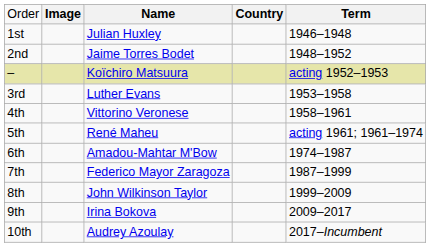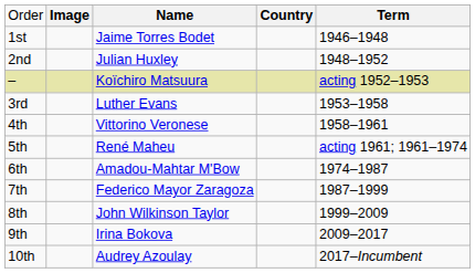 <table class="wikitable">
 <tr>
 <td scope="col">Order</td>
 <th scope="col">Image</th>
 <th scope="col">Name</th>
 <th scope="col">Country</th>
 <th scope="col">Term</th>
 </tr>
 <tr>
 <td>1st</td>
 <td></td>
-<td scope="row"><a href='#'>Julian Huxley</a></td>
+<td scope="row"><a href='#'>Jaime Torres Bodet</a></td>
 <td></td>
 <td>1946–1948</td>
 </tr>
 <tr>
 <td>2nd</td>
 <td></td>
-<td scope="row"><a href='#'>Jaime Torres Bodet</a></td>
+<td scope="row"><a href='#'>Julian Huxley</a></td>
 <td></td>
 <td>1948–1952</td>
 </tr>
 <tr bgcolor="#e6e6aa">
 <td>–</td>
 <td></td>
 <td scope="row"><a href='#'>Koïchiro Matsuura</a></td>
 <td></td>
 <td bgcolor="#e6e6aa"><a href='#'>acting</a> 1952–1953</td>
 </tr>
 <tr>
 <td>3rd</td>
 <td></td>
 <td scope="row"><a href='#'>Luther Evans</a></td>
 <td></td>
 <td>1953–1958</td>
 </tr>
 <tr>
 <td>4th</td>
 <td></td>
 <td scope="row"><a href='#'>Vittorino Veronese</a></td>
 <td></td>
 <td>1958–1961</td>
 </tr>
 <tr>
 <td>5th</td>
 <td></td>
 <td scope="row"><a href='#'>René Maheu</a></td>
 <td></td>
 <td><a href='#'>acting</a> 1961; 1961–1974</td>
 </tr>
 <tr>
 <td>6th</td>
 <td></td>
 <td scope="row"><a href='#'>Amadou-Mahtar M'Bow</a></td>
 <td></td>
 <td>1974–1987</td>
 </tr>
 <tr>
 <td>7th</td>
 <td></td>
 <td scope="row"><a href='#'>Federico Mayor Zaragoza</a></td>
 <td></td>
 <td>1987–1999</td>
 </tr>
 <tr>
 <td>8th</td>
 <td></td>
 <td><a href='#'>John Wilkinson Taylor</a></td>
 <td></td>
 <td>1999–2009</td>
 </tr>
 <tr>
 <td>9th</td>
 <td></td>
 <td scope="row"><a href='#'>Irina Bokova</a></td>
 <td></td>
 <td>2009–2017</td>
 </tr>
 <tr>
 <td>10th</td>
 <td></td>
 <td scope="row"><a href='#'>Audrey Azoulay</a></td>
 <td></td>
 <td>2017–<em>Incumbent</em></td>
 </tr>
 </table>
